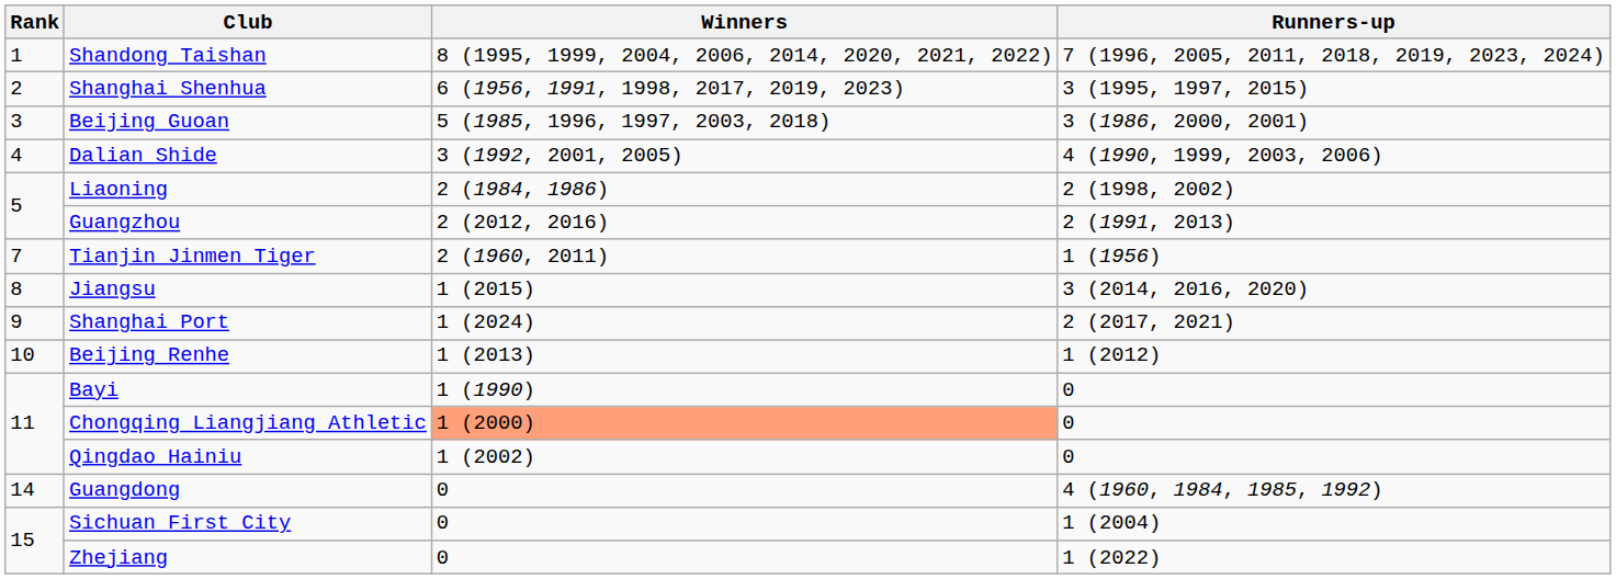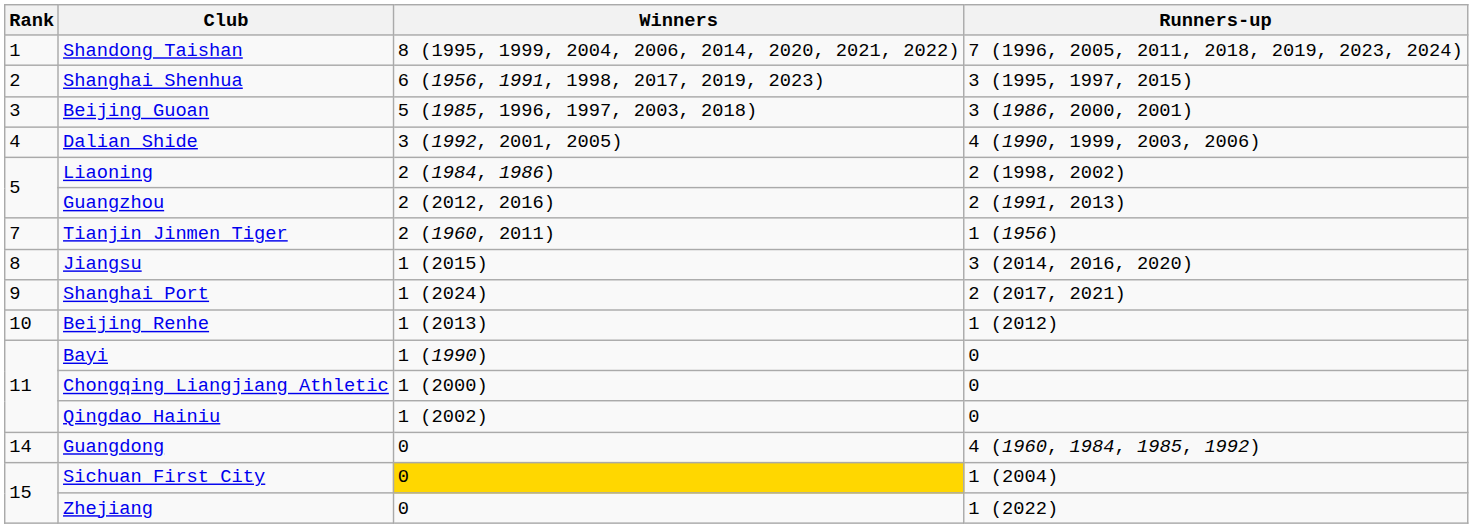 <table class="wikitable" style="text-align: left;">
 <tr>
 <th>Rank</th>
 <th>Club</th>
 <th>Winners</th>
 <th>Runners-up</th>
 </tr>
 <tr>
 <td>1</td>
 <td><a href='#'>Shandong Taishan</a></td>
 <td>8 (1995, 1999, 2004, 2006, 2014, 2020, 2021, 2022)</td>
 <td>7 (1996, 2005, 2011, 2018, 2019, 2023, 2024)</td>
 </tr>
 <tr>
 <td>2</td>
 <td><a href='#'>Shanghai Shenhua</a></td>
 <td>6 (<em>1956</em>, <em>1991</em>, 1998, 2017, 2019, 2023)</td>
 <td>3 (1995, 1997, 2015)</td>
 </tr>
 <tr>
 <td>3</td>
 <td><a href='#'>Beijing Guoan</a></td>
 <td>5 (<em>1985</em>, 1996, 1997, 2003, 2018)</td>
 <td>3 (<em>1986</em>, 2000, 2001)</td>
 </tr>
 <tr>
 <td>4</td>
 <td><a href='#'>Dalian Shide</a></td>
 <td>3 (<em>1992</em>, 2001, 2005)</td>
 <td>4 (<em>1990</em>, 1999, 2003, 2006)</td>
 </tr>
 <tr>
 <td rowspan="2">5</td>
 <td><a href='#'>Liaoning</a></td>
 <td>2 (<em>1984</em>, <em>1986</em>)</td>
 <td>2 (1998, 2002)</td>
 </tr>
 <tr>
 <td><a href='#'>Guangzhou</a></td>
 <td>2 (2012, 2016)</td>
 <td>2 (<em>1991</em>, 2013)</td>
 </tr>
 <tr>
 <td>7</td>
 <td><a href='#'>Tianjin Jinmen Tiger</a></td>
 <td>2 (<em>1960</em>, 2011)</td>
 <td>1 (<em>1956</em>)</td>
 </tr>
 <tr>
 <td>8</td>
 <td><a href='#'>Jiangsu</a></td>
 <td>1 (2015)</td>
 <td>3 (2014, 2016, 2020)</td>
 </tr>
 <tr>
 <td>9</td>
 <td><a href='#'>Shanghai Port</a></td>
 <td>1 (2024)</td>
 <td>2 (2017, 2021)</td>
 </tr>
 <tr>
 <td>10</td>
 <td><a href='#'>Beijing Renhe</a></td>
 <td>1 (2013)</td>
 <td>1 (2012)</td>
 </tr>
 <tr>
 <td rowspan="3">11</td>
 <td><a href='#'>Bayi</a></td>
 <td>1 (<em>1990</em>)</td>
 <td>0</td>
 </tr>
 <tr>
 <td><a href='#'>Chongqing Liangjiang Athletic</a></td>
-<td style="background: lightsalmon;">1 (2000)</td>
+<td>1 (2000)</td>
 <td>0</td>
 </tr>
 <tr>
 <td><a href='#'>Qingdao Hainiu</a></td>
 <td>1 (2002)</td>
 <td>0</td>
 </tr>
 <tr>
 <td>14</td>
 <td><a href='#'>Guangdong</a></td>
 <td>0</td>
 <td>4 (<em>1960</em>, <em>1984</em>, <em>1985</em>, <em>1992</em>)</td>
 </tr>
 <tr>
 <td rowspan="2">15</td>
 <td><a href='#'>Sichuan First City</a></td>
-<td>0</td>
+<td style="background: gold;">0</td>
 <td>1 (2004)</td>
 </tr>
 <tr>
 <td><a href='#'>Zhejiang</a></td>
 <td>0</td>
 <td>1 (2022)</td>
 </tr>
 </table>
